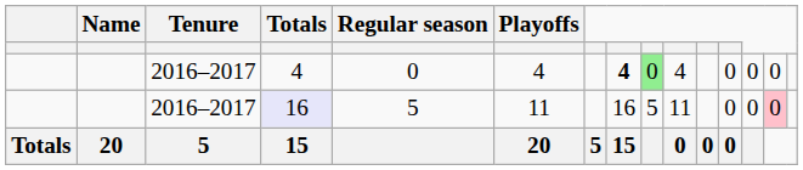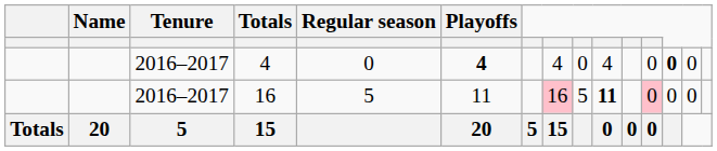 <table class="wikitable sortable" style="clear:both; margin:1.5em auto; text-align:center;">
 <tr>
 <th></th>
 <th>Name</th>
 <th>Tenure</th>
 <th>Totals</th>
 <th>Regular season</th>
 <th>Playoffs</th>
 </tr>
 <tr>
 <th></th>
 <th></th>
 <th></th>
 <th></th>
 <th></th>
 <th></th>
 <th></th>
 <th></th>
 <th></th>
 <th></th>
 <th></th>
 <th></th>
 </tr>
 <tr>
 <td></td>
 <td></td>
 <td>2016–2017</td>
 <td>4</td>
 <td>0</td>
+<td><strong>4</strong></td>
+<td></td>
 <td>4</td>
-<td></td>
-<td><strong>4</strong></td>
-<td style="background: lightgreen;">0</td>
+<td>0</td>
 <td>4</td>
 <td></td>
 <td>0</td>
-<td>0</td>
+<td><strong>0</strong></td>
 <td>0</td>
 <td></td>
 </tr>
 <tr>
 <td></td>
 <td></td>
 <td>2016–2017</td>
-<td style="background: lavender;">16</td>
-<td>5</td>
-<td>11</td>
-<td></td>
 <td>16</td>
 <td>5</td>
 <td>11</td>
 <td></td>
+<td style="background: pink;">16</td>
+<td>5</td>
+<td><strong>11</strong></td>
+<td></td>
+<td style="background: pink;">0</td>
 <td>0</td>
 <td>0</td>
-<td style="background: pink;">0</td>
 <td></td>
 </tr>
 <tr>
 <th>Totals</th>
 <th>20</th>
 <th>5</th>
 <th>15</th>
 <th></th>
 <th>20</th>
 <th>5</th>
 <th>15</th>
 <th></th>
 <th>0</th>
 <th>0</th>
 <th>0</th>
 <th></th>
 </tr>
 </table>
